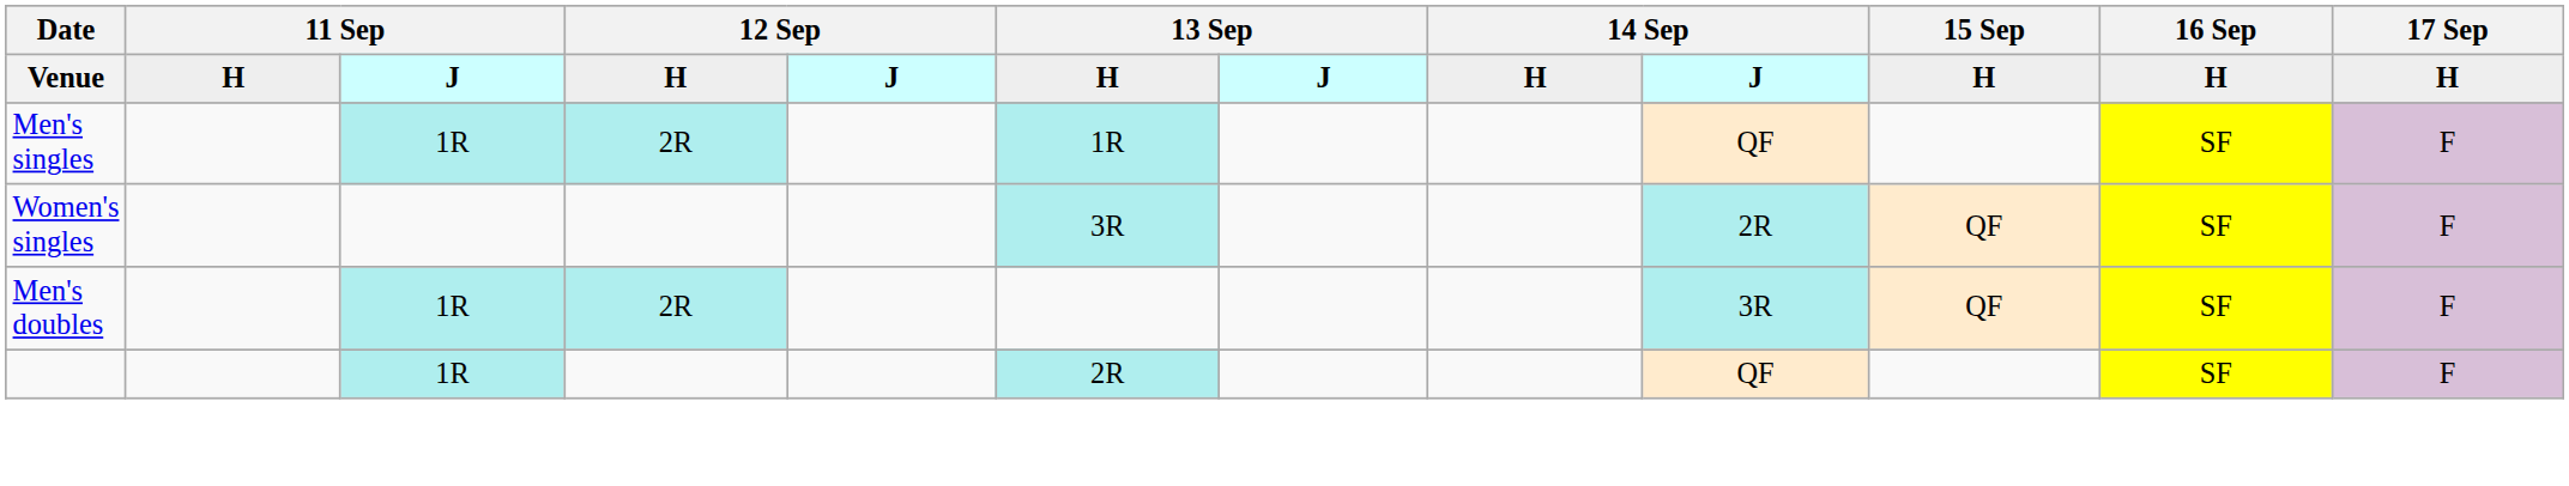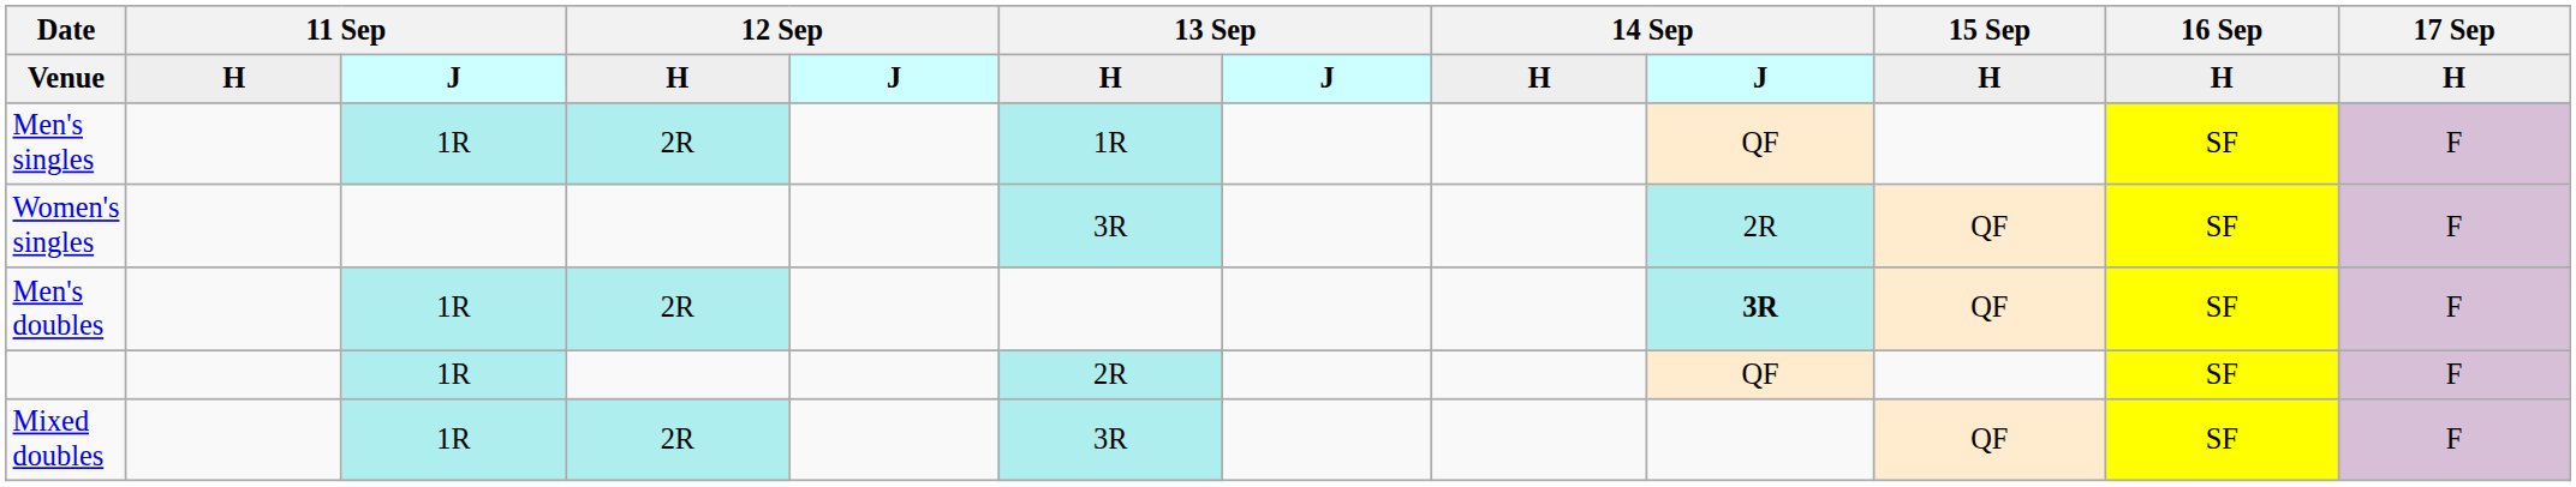 <table class="wikitable" style="margin:0.5em auto; font-size:90%; text-align:center; nowrap:yes">
 <tr>
 <th>Date</th>
 <th colspan="2">11 Sep</th>
 <th colspan="2">12 Sep</th>
 <th colspan="2">13 Sep</th>
 <th colspan="2">14 Sep</th>
 <th>15 Sep</th>
 <th>16 Sep</th>
 <th>17 Sep</th>
 </tr>
 <tr>
 <th>Venue</th>
 <th style="background-color:#EEEEEE; width:25em">H</th>
 <th style="background-color:#CCFFFF; width:25em">J</th>
 <th style="background-color:#EEEEEE; width:25em">H</th>
 <th style="background-color:#CCFFFF; width:25em">J</th>
 <th style="background-color:#EEEEEE; width:25em">H</th>
 <th style="background-color:#CCFFFF; width:25em">J</th>
 <th style="background-color:#EEEEEE; width:25em">H</th>
 <th style="background-color:#CCFFFF; width:25em">J</th>
 <th style="background-color:#EEEEEE; width:25em">H</th>
 <th style="background-color:#EEEEEE; width:25em">H</th>
 <th style="background-color:#EEEEEE; width:25em">H</th>
 </tr>
 <tr>
 <td align="left"><a href='#'>Men's singles</a></td>
 <td></td>
 <td bgcolor="#AFEEEE">1R</td>
 <td bgcolor="#AFEEEE">2R</td>
 <td></td>
 <td bgcolor="#AFEEEE">1R</td>
 <td></td>
 <td></td>
 <td bgcolor="#FFEBCD">QF</td>
 <td></td>
 <td bgcolor="#FFFF00">SF</td>
 <td bgcolor="#D8BFD8">F</td>
 </tr>
 <tr>
 <td align="left"><a href='#'>Women's singles</a></td>
 <td></td>
 <td></td>
 <td></td>
 <td></td>
 <td bgcolor="#AFEEEE">3R</td>
 <td></td>
 <td></td>
 <td bgcolor="#AFEEEE">2R</td>
 <td bgcolor="#FFEBCD">QF</td>
 <td bgcolor="#FFFF00">SF</td>
 <td bgcolor="#D8BFD8">F</td>
 </tr>
 <tr>
 <td align="left"><a href='#'>Men's doubles</a></td>
 <td></td>
 <td bgcolor="#AFEEEE">1R</td>
 <td bgcolor="#AFEEEE">2R</td>
 <td></td>
 <td></td>
 <td></td>
 <td></td>
-<td bgcolor="#AFEEEE">3R</td>
+<td bgcolor="#AFEEEE"><strong>3R</strong></td>
 <td bgcolor="#FFEBCD">QF</td>
 <td bgcolor="#FFFF00">SF</td>
 <td bgcolor="#D8BFD8">F</td>
 </tr>
 <tr>
 <td align="left"></td>
 <td></td>
 <td bgcolor="#AFEEEE">1R</td>
 <td></td>
 <td></td>
 <td bgcolor="#AFEEEE">2R</td>
 <td></td>
 <td></td>
 <td bgcolor="#FFEBCD">QF</td>
 <td></td>
 <td bgcolor="#FFFF00">SF</td>
 <td bgcolor="#D8BFD8">F</td>
 </tr>
+<tr>
+<td align="left"><a href='#'>Mixed doubles</a></td>
+<td></td>
+<td bgcolor="#AFEEEE">1R</td>
+<td bgcolor="#AFEEEE">2R</td>
+<td></td>
+<td bgcolor="#AFEEEE">3R</td>
+<td></td>
+<td></td>
+<td></td>
+<td bgcolor="#FFEBCD">QF</td>
+<td bgcolor="#FFFF00">SF</td>
+<td bgcolor="#D8BFD8">F</td>
+</tr>
 </table>
